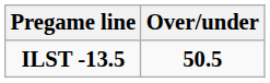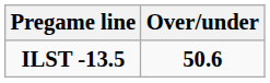 <table class="wikitable">
 <tr align="center">
 <th>Pregame line</th>
 <th>Over/under</th>
 </tr>
 <tr align="center">
 <td><strong>ILST -13.5</strong></td>
-<td><strong>50.5</strong></td>
+<td><strong>50.6</strong></td>
 </tr>
 </table>
